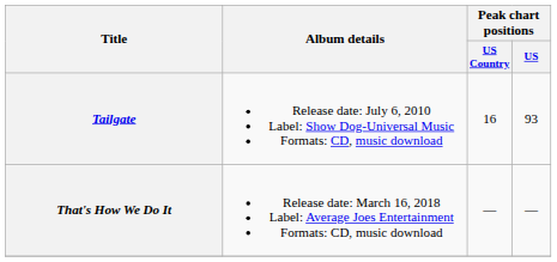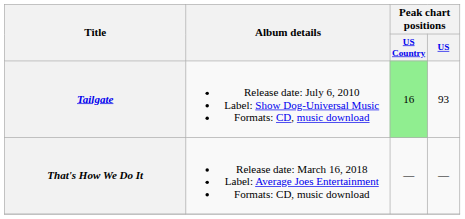 <table class="wikitable plainrowheaders" style="text-align:center;">
 <tr>
 <th rowspan="2" style="width:16em;">Title</th>
 <th rowspan="2" style="width:18em;">Album details</th>
 <th colspan="2">Peak chart<br>positions</th>
 </tr>
 <tr style="font-size:smaller;">
 <th width="40"><a href='#'>US Country</a><br></th>
 <th width="40"><a href='#'>US</a><br></th>
 </tr>
 <tr>
 <th scope="row"><em><a href='#'>Tailgate</a></em></th>
 <td><br><ul><li>Release date: July 6, 2010</li><li>Label: <a href='#'>Show Dog-Universal Music</a></li><li>Formats: <a href='#'>CD</a>, <a href='#'>music download</a></li></ul></td>
-<td>16</td>
+<td style="background: lightgreen;">16</td>
 <td>93</td>
 </tr>
 <tr>
 <th scope="row"><em>That's How We Do It</em></th>
 <td><br><ul><li>Release date: March 16, 2018</li><li>Label: <a href='#'>Average Joes Entertainment</a></li><li>Formats: CD, music download</li></ul></td>
 <td>—</td>
 <td>—</td>
 </tr>
 <tr>
 </tr>
 </table>
